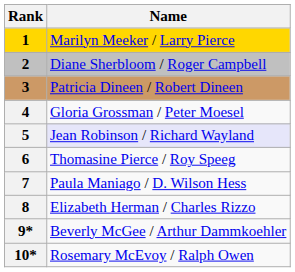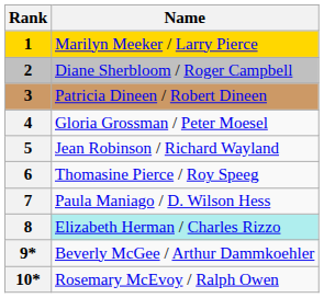 <table class="wikitable">
 <tr>
 <th>Rank</th>
 <th>Name</th>
 </tr>
 <tr bgcolor="gold">
 <td align="center"><strong>1</strong></td>
 <td><a href='#'>Marilyn Meeker</a> / <a href='#'>Larry Pierce</a></td>
 </tr>
 <tr bgcolor="silver">
 <td align="center"><strong>2</strong></td>
 <td><a href='#'>Diane Sherbloom</a> / <a href='#'>Roger Campbell</a></td>
 </tr>
 <tr bgcolor="cc9966">
 <td align="center"><strong>3</strong></td>
 <td><a href='#'>Patricia Dineen</a> / <a href='#'>Robert Dineen</a></td>
 </tr>
 <tr>
 <th>4</th>
 <td><a href='#'>Gloria Grossman</a> / <a href='#'>Peter Moesel</a></td>
 </tr>
 <tr>
 <th>5</th>
-<td style="background: lavender;"><a href='#'>Jean Robinson</a> / <a href='#'>Richard Wayland</a></td>
+<td><a href='#'>Jean Robinson</a> / <a href='#'>Richard Wayland</a></td>
 </tr>
 <tr>
 <th>6</th>
 <td><a href='#'>Thomasine Pierce</a> / <a href='#'>Roy Speeg</a></td>
 </tr>
 <tr>
 <th>7</th>
 <td><a href='#'>Paula Maniago</a> / <a href='#'>D. Wilson Hess</a></td>
 </tr>
 <tr>
 <th>8</th>
-<td><a href='#'>Elizabeth Herman</a> / <a href='#'>Charles Rizzo</a></td>
+<td style="background: paleturquoise;"><a href='#'>Elizabeth Herman</a> / <a href='#'>Charles Rizzo</a></td>
 </tr>
 <tr>
 <th>9*</th>
 <td><a href='#'>Beverly McGee</a> / <a href='#'>Arthur Dammkoehler</a></td>
 </tr>
 <tr>
 <th>10*</th>
 <td><a href='#'>Rosemary McEvoy</a> / <a href='#'>Ralph Owen</a></td>
 </tr>
 </table>
